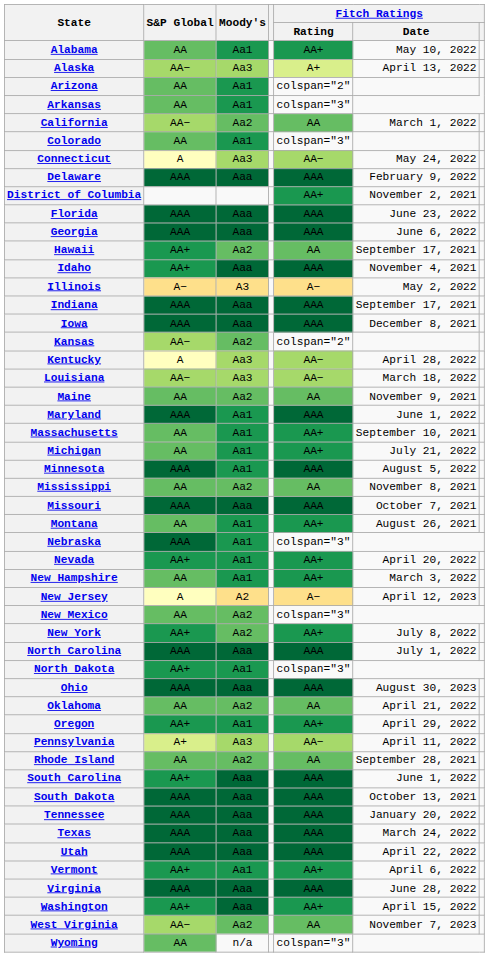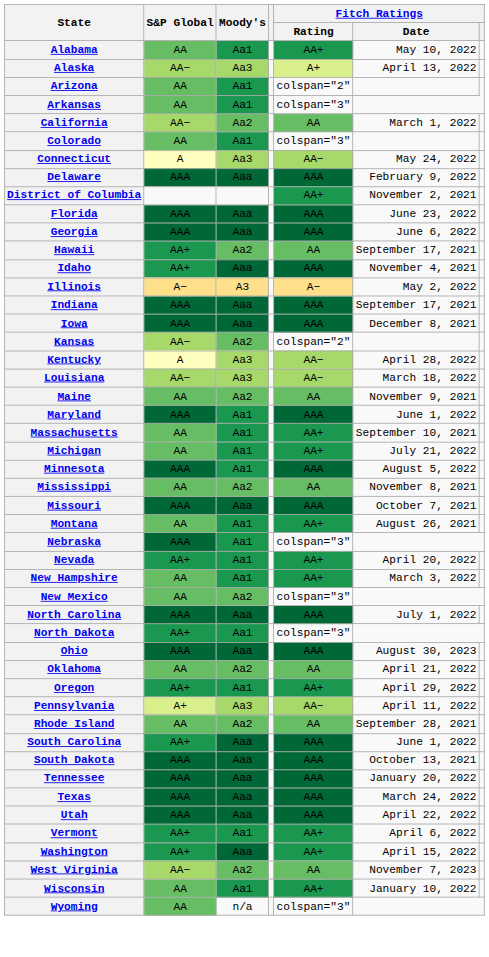 <table class="wikitable sortable plainrowheaders" style="text-align: center;">
 <tr>
 <th scope="col" rowspan="2">State</th>
 <th scope="col" rowspan="2">S&P Global</th>
 <th scope="col" rowspan="2">Moody's</th>
 <th scope="col" rowspan="2" class="unsortable"></th>
 <th scope="col" colspan="3"><a href='#'>Fitch Ratings</a></th>
 </tr>
 <tr>
 <th scope="col">Rating</th>
 <th scope="col" data-sort-type="date">Date</th>
 <th scope="col"></th>
 </tr>
 <tr>
 <th scope="row"><a href='#'>Alabama</a></th>
 <td style="background-color:#66bd63;">AA</td>
 <td style="background-color:#1a9850;">Aa1</td>
 <td></td>
 <td style="background-color:#1a9850;">AA+</td>
 <td style="text-align: right;">May 10, 2022</td>
 <td></td>
 </tr>
 <tr>
 <th scope="row"><a href='#'>Alaska</a></th>
 <td style="background-color:#a6d96a;">AA−</td>
 <td style="background-color:#a6d96a;">Aa3</td>
 <td></td>
 <td style="background-color:#d9ef8b;">A+</td>
 <td style="text-align: right;">April 13, 2022</td>
 <td></td>
 </tr>
 <tr>
 <th scope="row"><a href='#'>Arizona</a></th>
 <td style="background-color:#66bd63;">AA</td>
 <td style="background-color:#1a9850;">Aa1</td>
 <td></td>
 <td>colspan="2" </td>
 <td></td>
 </tr>
 <tr>
 <th scope="row"><a href='#'>Arkansas</a></th>
 <td style="background-color:#66bd63;">AA</td>
 <td style="background-color:#1a9850;">Aa1</td>
 <td></td>
 <td>colspan="3" </td>
 </tr>
 <tr>
 <th scope="row"><a href='#'>California</a></th>
 <td style="background-color:#a6d96a;">AA−</td>
 <td style="background-color:#66bd63;">Aa2</td>
 <td></td>
 <td style="background-color:#66bd63;">AA</td>
 <td style="text-align: right;">March 1, 2022</td>
 <td></td>
 </tr>
 <tr>
 <th scope="row"><a href='#'>Colorado</a></th>
 <td style="background-color:#66bd63;">AA</td>
 <td style="background-color:#1a9850;">Aa1</td>
 <td></td>
 <td>colspan="3" </td>
 <td></td>
 </tr>
 <tr>
 <th scope="row"><a href='#'>Connecticut</a></th>
 <td style="background-color:#ffffbf;">A</td>
 <td style="background-color:#a6d96a;">Aa3</td>
 <td></td>
 <td style="background-color:#a6d96a;">AA−</td>
 <td style="text-align: right;">May 24, 2022</td>
 <td></td>
 </tr>
 <tr>
 <th scope="row"><a href='#'>Delaware</a></th>
 <td style="background-color:#006837;">AAA</td>
 <td style="background-color:#006837;">Aaa</td>
 <td></td>
 <td style="background-color:#006837;">AAA</td>
 <td style="text-align: right;">February 9, 2022</td>
 <td></td>
 </tr>
 <tr>
 <th scope="row"><a href='#'>District of Columbia</a></th>
 <td></td>
 <td></td>
 <td></td>
 <td style="background-color:#1a9850;">AA+</td>
 <td style="text-align: right;">November 2, 2021</td>
 <td></td>
 </tr>
 <tr>
 <th scope="row"><a href='#'>Florida</a></th>
 <td style="background-color:#006837;">AAA</td>
 <td style="background-color:#006837;">Aaa</td>
 <td></td>
 <td style="background-color:#006837;">AAA</td>
 <td style="text-align: right;">June 23, 2022</td>
 <td></td>
 </tr>
 <tr>
 <th scope="row"><a href='#'>Georgia</a></th>
 <td style="background-color:#006837;">AAA</td>
 <td style="background-color:#006837;">Aaa</td>
 <td></td>
 <td style="background-color:#006837;">AAA</td>
 <td style="text-align: right;">June 6, 2022</td>
 <td></td>
 </tr>
 <tr>
 <th scope="row"><a href='#'>Hawaii</a></th>
 <td style="background-color:#1a9850;">AA+</td>
 <td style="background-color:#66bd63;">Aa2</td>
 <td></td>
 <td style="background-color:#66bd63;">AA</td>
 <td style="text-align: right;">September 17, 2021</td>
 <td></td>
 </tr>
 <tr>
 <th scope="row"><a href='#'>Idaho</a></th>
 <td style="background-color:#1a9850;">AA+</td>
 <td style="background-color:#006837;">Aaa</td>
 <td></td>
 <td style="background-color:#006837;">AAA</td>
 <td style="text-align: right;">November 4, 2021</td>
 <td></td>
 </tr>
 <tr>
 <th scope="row"><a href='#'>Illinois</a></th>
 <td style="background-color:#fee08b;">A−</td>
 <td style="background-color:#fee08b;">A3</td>
 <td></td>
 <td style="background-color:#fee08b;">A−</td>
 <td style="text-align: right;">May 2, 2022</td>
 <td></td>
 </tr>
 <tr>
 <th scope="row"><a href='#'>Indiana</a></th>
 <td style="background-color:#006837;">AAA</td>
 <td style="background-color:#006837;">Aaa</td>
 <td></td>
 <td style="background-color:#006837;">AAA</td>
 <td style="text-align: right;">September 17, 2021</td>
 <td></td>
 </tr>
 <tr>
 <th scope="row"><a href='#'>Iowa</a></th>
 <td style="background-color:#006837;">AAA</td>
 <td style="background-color:#006837;">Aaa</td>
 <td></td>
 <td style="background-color:#006837;">AAA</td>
 <td style="text-align: right;">December 8, 2021</td>
 <td></td>
 </tr>
 <tr>
 <th scope="row"><a href='#'>Kansas</a></th>
 <td style="background-color:#a6d96a;">AA−</td>
 <td style="background-color:#66bd63;">Aa2</td>
 <td></td>
 <td>colspan="2" </td>
 <td></td>
 </tr>
 <tr>
 <th scope="row"><a href='#'>Kentucky</a></th>
 <td style="background-color:#ffffbf;">A</td>
 <td style="background-color:#a6d96a;">Aa3</td>
 <td></td>
 <td style="background-color:#a6d96a;">AA−</td>
 <td style="text-align: right;">April 28, 2022</td>
 <td></td>
 </tr>
 <tr>
 <th scope="row"><a href='#'>Louisiana</a></th>
 <td style="background-color:#a6d96a;">AA−</td>
 <td style="background-color:#a6d96a;">Aa3</td>
 <td></td>
 <td style="background-color:#a6d96a;">AA−</td>
 <td style="text-align: right;">March 18, 2022</td>
 <td></td>
 </tr>
 <tr>
 <th scope="row"><a href='#'>Maine</a></th>
 <td style="background-color:#66bd63;">AA</td>
 <td style="background-color:#66bd63;">Aa2</td>
 <td></td>
 <td style="background-color:#66bd63;">AA</td>
 <td style="text-align: right;">November 9, 2021</td>
 <td></td>
 </tr>
 <tr>
 <th scope="row"><a href='#'>Maryland</a></th>
 <td style="background-color:#006837;">AAA</td>
 <td style="background-color:#1a9850;">Aa1</td>
 <td></td>
 <td style="background-color:#006837;">AAA</td>
 <td style="text-align: right;">June 1, 2022</td>
 <td></td>
 </tr>
 <tr>
 <th scope="row"><a href='#'>Massachusetts</a></th>
 <td style="background-color:#66bd63;">AA</td>
 <td style="background-color:#1a9850;">Aa1</td>
 <td></td>
 <td style="background-color:#1a9850;">AA+</td>
 <td style="text-align: right;">September 10, 2021</td>
 <td></td>
 </tr>
 <tr>
 <th scope="row"><a href='#'>Michigan</a></th>
 <td style="background-color:#66bd63;">AA</td>
 <td style="background-color:#1a9850;">Aa1</td>
 <td></td>
 <td style="background-color:#1a9850;">AA+</td>
 <td style="text-align: right;">July 21, 2022</td>
 <td></td>
 </tr>
 <tr>
 <th scope="row"><a href='#'>Minnesota</a></th>
 <td style="background-color:#006837;">AAA</td>
 <td style="background-color:#1a9850;">Aa1</td>
 <td></td>
 <td style="background-color:#006837;">AAA</td>
 <td style="text-align: right;">August 5, 2022</td>
 <td></td>
 </tr>
 <tr>
 <th scope="row"><a href='#'>Mississippi</a></th>
 <td style="background-color:#66bd63;">AA</td>
 <td style="background-color:#66bd63;">Aa2</td>
 <td></td>
 <td style="background-color:#66bd63;">AA</td>
 <td style="text-align: right;">November 8, 2021</td>
 <td></td>
 </tr>
 <tr>
 <th scope="row"><a href='#'>Missouri</a></th>
 <td style="background-color:#006837;">AAA</td>
 <td style="background-color:#006837;">Aaa</td>
 <td></td>
 <td style="background-color:#006837;">AAA</td>
 <td style="text-align: right;">October 7, 2021</td>
 <td></td>
 </tr>
 <tr>
 <th scope="row"><a href='#'>Montana</a></th>
 <td style="background-color:#66bd63;">AA</td>
 <td style="background-color:#1a9850;">Aa1</td>
 <td></td>
 <td style="background-color:#1a9850;">AA+</td>
 <td style="text-align: right;">August 26, 2021</td>
 <td></td>
 </tr>
 <tr>
 <th scope="row"><a href='#'>Nebraska</a></th>
 <td style="background-color:#006837;">AAA</td>
 <td style="background-color:#1a9850;">Aa1</td>
 <td></td>
 <td>colspan="3" </td>
 </tr>
 <tr>
 <th scope="row"><a href='#'>Nevada</a></th>
 <td style="background-color:#1a9850;">AA+</td>
 <td style="background-color:#1a9850;">Aa1</td>
 <td></td>
 <td style="background-color:#1a9850;">AA+</td>
 <td style="text-align: right;">April 20, 2022</td>
 <td></td>
 </tr>
 <tr>
 <th scope="row"><a href='#'>New Hampshire</a></th>
 <td style="background-color:#66bd63;">AA</td>
 <td style="background-color:#1a9850;">Aa1</td>
 <td></td>
 <td style="background-color:#1a9850;">AA+</td>
 <td style="text-align: right;">March 3, 2022</td>
 <td></td>
 </tr>
 <tr>
-<th scope="row"><a href='#'>New Jersey</a></th>
-<td style="background-color:#ffffbf;">A</td>
-<td style="background-color:#fee08b;">A2</td>
-<td></td>
-<td style="background-color:#fee08b;">A−</td>
-<td style="text-align: right;">April 12, 2023</td>
-<td></td>
-</tr>
-<tr>
 <th scope="row"><a href='#'>New Mexico</a></th>
 <td style="background-color:#66bd63;">AA</td>
 <td style="background-color:#66bd63;">Aa2</td>
 <td></td>
 <td>colspan="3" </td>
-</tr>
-<tr>
-<th scope="row"><a href='#'>New York</a></th>
-<td style="background-color:#1a9850;">AA+</td>
-<td style="background-color:#66bd63;">Aa2</td>
-<td></td>
-<td style="background-color:#1a9850;">AA+</td>
-<td style="text-align: right;">July 8, 2022</td>
-<td></td>
 </tr>
 <tr>
 <th scope="row"><a href='#'>North Carolina</a></th>
 <td style="background-color:#006837;">AAA</td>
 <td style="background-color:#006837;">Aaa</td>
 <td></td>
 <td style="background-color:#006837;">AAA</td>
 <td style="text-align: right;">July 1, 2022</td>
 <td></td>
 </tr>
 <tr>
 <th scope="row"><a href='#'>North Dakota</a></th>
 <td style="background-color:#1a9850;">AA+</td>
 <td style="background-color:#1a9850;">Aa1</td>
 <td></td>
 <td>colspan="3" </td>
 </tr>
 <tr>
 <th scope="row"><a href='#'>Ohio</a></th>
 <td style="background-color:#006837;">AAA</td>
 <td style="background-color:#006837;">Aaa</td>
 <td></td>
 <td style="background-color:#006837;">AAA</td>
 <td style="text-align: right;">August 30, 2023</td>
 <td></td>
 </tr>
 <tr>
 <th scope="row"><a href='#'>Oklahoma</a></th>
 <td style="background-color:#66bd63;">AA</td>
 <td style="background-color:#66bd63;">Aa2</td>
 <td></td>
 <td style="background-color:#66bd63;">AA</td>
 <td style="text-align: right;">April 21, 2022</td>
 <td></td>
 </tr>
 <tr>
 <th scope="row"><a href='#'>Oregon</a></th>
 <td style="background-color:#1a9850;">AA+</td>
 <td style="background-color:#1a9850;">Aa1</td>
 <td></td>
 <td style="background-color:#1a9850;">AA+</td>
 <td style="text-align: right;">April 29, 2022</td>
 <td></td>
 </tr>
 <tr>
 <th scope="row"><a href='#'>Pennsylvania</a></th>
 <td style="background-color:#d9ef8b;">A+</td>
 <td style="background-color:#a6d96a;">Aa3</td>
 <td></td>
 <td style="background-color:#a6d96a;">AA−</td>
 <td style="text-align: right;">April 11, 2022</td>
 <td></td>
 </tr>
 <tr>
 <th scope="row"><a href='#'>Rhode Island</a></th>
 <td style="background-color:#66bd63;">AA</td>
 <td style="background-color:#66bd63;">Aa2</td>
 <td></td>
 <td style="background-color:#66bd63;">AA</td>
 <td style="text-align: right;">September 28, 2021</td>
 <td></td>
 </tr>
 <tr>
 <th scope="row"><a href='#'>South Carolina</a></th>
 <td style="background-color:#1a9850;">AA+</td>
 <td style="background-color:#006837;">Aaa</td>
 <td></td>
 <td style="background-color:#006837;">AAA</td>
 <td style="text-align: right;">June 1, 2022</td>
 <td></td>
 </tr>
 <tr>
 <th scope="row"><a href='#'>South Dakota</a></th>
 <td style="background-color:#006837;">AAA</td>
 <td style="background-color:#006837;">Aaa</td>
 <td></td>
 <td style="background-color:#006837;">AAA</td>
 <td style="text-align: right;">October 13, 2021</td>
 <td></td>
 </tr>
 <tr>
 <th scope="row"><a href='#'>Tennessee</a></th>
 <td style="background-color:#006837;">AAA</td>
 <td style="background-color:#006837;">Aaa</td>
 <td></td>
 <td style="background-color:#006837;">AAA</td>
 <td style="text-align: right;">January 20, 2022</td>
 <td></td>
 </tr>
 <tr>
 <th scope="row"><a href='#'>Texas</a></th>
 <td style="background-color:#006837;">AAA</td>
 <td style="background-color:#006837;">Aaa</td>
 <td></td>
 <td style="background-color:#006837;">AAA</td>
 <td style="text-align: right;">March 24, 2022</td>
 <td></td>
 </tr>
 <tr>
 <th scope="row"><a href='#'>Utah</a></th>
 <td style="background-color:#006837;">AAA</td>
 <td style="background-color:#006837;">Aaa</td>
 <td></td>
 <td style="background-color:#006837;">AAA</td>
 <td style="text-align: right;">April 22, 2022</td>
 <td></td>
 </tr>
 <tr>
 <th scope="row"><a href='#'>Vermont</a></th>
 <td style="background-color:#1a9850;">AA+</td>
 <td style="background-color:#1a9850;">Aa1</td>
 <td></td>
 <td style="background-color:#1a9850;">AA+</td>
 <td style="text-align: right;">April 6, 2022</td>
 <td></td>
 </tr>
 <tr>
-<th scope="row"><a href='#'>Virginia</a></th>
-<td style="background-color:#006837;">AAA</td>
-<td style="background-color:#006837;">Aaa</td>
-<td></td>
-<td style="background-color:#006837;">AAA</td>
-<td style="text-align: right;">June 28, 2022</td>
-<td></td>
-</tr>
-<tr>
 <th scope="row"><a href='#'>Washington</a></th>
 <td style="background-color:#1a9850;">AA+</td>
 <td style="background-color:#006837;">Aaa</td>
 <td></td>
 <td style="background-color:#1a9850;">AA+</td>
 <td style="text-align: right;">April 15, 2022</td>
 <td></td>
 </tr>
 <tr>
 <th scope="row"><a href='#'>West Virginia</a></th>
 <td style="background-color:#a6d96a;">AA−</td>
 <td style="background-color:#66bd63;">Aa2</td>
 <td></td>
 <td style="background-color:#66bd63;">AA</td>
 <td style="text-align: right;">November 7, 2023</td>
 <td></td>
 </tr>
 <tr>
+<th scope="row"><a href='#'>Wisconsin</a></th>
+<td style="background-color:#66bd63;">AA</td>
+<td style="background-color:#1a9850;">Aa1</td>
+<td></td>
+<td style="background-color:#1a9850;">AA+</td>
+<td style="text-align: right;">January 10, 2022</td>
+<td></td>
+</tr>
+<tr>
 <th scope="row"><a href='#'>Wyoming</a></th>
 <td style="background-color:#66bd63;">AA</td>
 <td>n/a</td>
 <td></td>
 <td>colspan="3" </td>
 </tr>
 </table>
